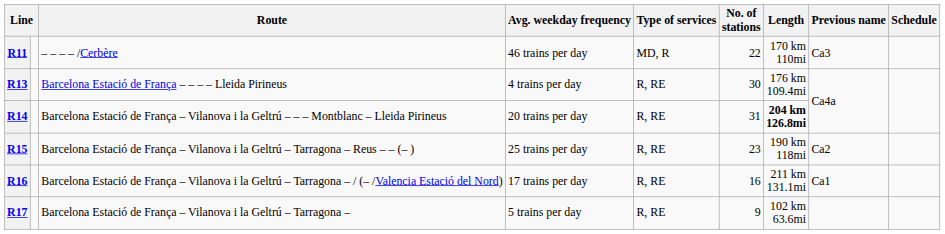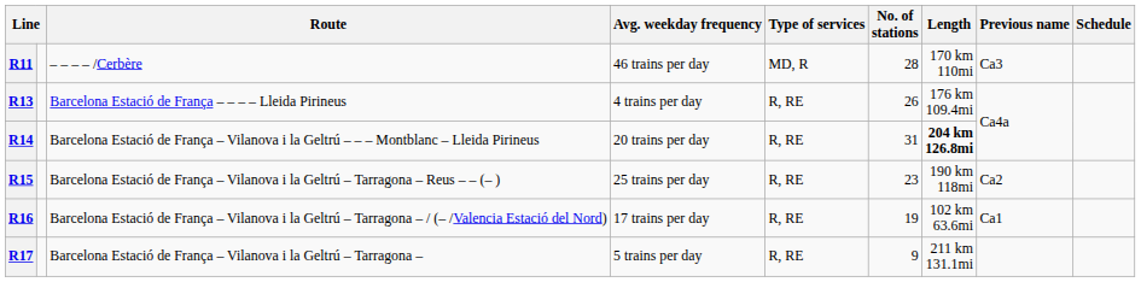 <table class="sortable wikitable">
 <tr>
 <th colspan="2">Line</th>
 <th class="unsortable">Route</th>
 <th>Avg. weekday frequency</th>
 <th>Type of services</th>
 <th>No. of<br>stations</th>
 <th>Length</th>
 <th>Previous name</th>
 <th class="unsortable">Schedule</th>
 </tr>
 <tr>
 <th><a href='#'>R11</a></th>
 <td width=4px style="background-color:#"></td>
 <td> –  –  –  – /<a href='#'>Cerbère</a></td>
 <td>46 trains per day</td>
 <td>MD, R</td>
-<td style="text-align:right;">22</td>
+<td style="text-align:right;">28</td>
 <td style="text-align:right;">170 km<br>110mi</td>
 <td>Ca3</td>
 <td style="text-align:center;"></td>
 </tr>
 <tr>
 <th><a href='#'>R13</a></th>
 <td style="background-color:#"></td>
 <td><a href='#'>Barcelona Estació de França</a> –  –  –  – Lleida Pirineus</td>
 <td>4 trains per day</td>
 <td>R, RE</td>
-<td style="text-align:right;">30</td>
+<td style="text-align:right;">26</td>
 <td style="text-align:right;">176 km<br>109.4mi</td>
 <td rowspan="2">Ca4a</td>
 <td rowspan="2" style="text-align:center;"></td>
 </tr>
 <tr>
 <th><a href='#'>R14</a></th>
 <td style="background-color:#"></td>
 <td>Barcelona Estació de França – Vilanova i la Geltrú –  –  – Montblanc – Lleida Pirineus</td>
 <td>20 trains per day</td>
 <td>R, RE</td>
 <td style="text-align:right;">31</td>
 <td style="text-align:right;"><strong>204 km<br>126.8mi</strong></td>
 </tr>
 <tr>
 <th><a href='#'>R15</a></th>
 <td style="background-color:#"></td>
 <td>Barcelona Estació de França – Vilanova i la Geltrú – Tarragona – Reus –  –  (– )</td>
 <td>25 trains per day</td>
 <td>R, RE</td>
 <td style="text-align:right;">23</td>
 <td style="text-align:right;">190 km<br>118mi</td>
 <td>Ca2</td>
 <td style="text-align:center;"></td>
 </tr>
 <tr>
 <th><a href='#'>R16</a></th>
 <td style="background-color:#"></td>
 <td>Barcelona Estació de França – Vilanova i la Geltrú – Tarragona – / (– /<a href='#'>Valencia Estació del Nord</a>)</td>
 <td>17 trains per day</td>
 <td>R, RE</td>
-<td style="text-align:right;">16</td>
-<td style="text-align:right;">211 km<br>131.1mi</td>
+<td style="text-align:right;">19</td>
+<td style="text-align:right;">102 km<br>63.6mi</td>
 <td>Ca1</td>
 <td style="text-align:center;"></td>
 </tr>
 <tr>
 <th><a href='#'>R17</a></th>
 <td style="background-color:#"></td>
 <td>Barcelona Estació de França – Vilanova i la Geltrú – Tarragona – </td>
 <td>5 trains per day</td>
 <td>R, RE</td>
 <td style="text-align:right;">9</td>
-<td style="text-align:right;">102 km<br>63.6mi</td>
+<td style="text-align:right;">211 km<br>131.1mi</td>
 <td></td>
 <td style="text-align:center;"></td>
 </tr>
 </table>
